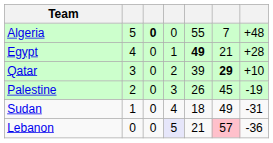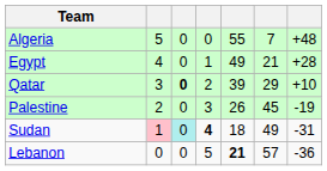 <table class="wikitable" style="text-align:center;">
 <tr>
 <th width=150>Team</th>
 <th width=20></th>
 <th width=20></th>
 <th width=20></th>
 <th width=30></th>
 <th width=30></th>
 <th width=30></th>
 </tr>
 <tr bgcolor="#ccffcc">
 <td align="left"> <a href='#'>Algeria</a></td>
 <td>5</td>
-<td><strong>0</strong></td>
+<td>0</td>
 <td>0</td>
 <td>55</td>
 <td>7</td>
 <td>+48</td>
 </tr>
 <tr bgcolor="#ccffcc">
 <td align="left"> <a href='#'>Egypt</a></td>
 <td>4</td>
 <td>0</td>
 <td>1</td>
-<td><strong>49</strong></td>
+<td>49</td>
 <td>21</td>
 <td>+28</td>
 </tr>
 <tr bgcolor="#ccffcc">
 <td align="left"> <a href='#'>Qatar</a></td>
 <td>3</td>
-<td>0</td>
+<td><strong>0</strong></td>
 <td>2</td>
 <td>39</td>
-<td><strong>29</strong></td>
+<td>29</td>
 <td>+10</td>
 </tr>
 <tr bgcolor="#ccffcc">
 <td align="left"> <a href='#'>Palestine</a></td>
 <td>2</td>
 <td>0</td>
 <td>3</td>
 <td>26</td>
 <td>45</td>
 <td>-19</td>
 </tr>
 <tr>
 <td align="left"> <a href='#'>Sudan</a></td>
-<td>1</td>
-<td>0</td>
-<td>4</td>
+<td style="background: pink;">1</td>
+<td style="background: paleturquoise;">0</td>
+<td><strong>4</strong></td>
 <td>18</td>
 <td>49</td>
 <td>-31</td>
 </tr>
 <tr>
 <td align="left"> <a href='#'>Lebanon</a></td>
 <td>0</td>
 <td>0</td>
-<td style="background: lavender;">5</td>
-<td>21</td>
-<td style="background: pink;">57</td>
+<td>5</td>
+<td><strong>21</strong></td>
+<td>57</td>
 <td>-36</td>
 </tr>
 </table>
